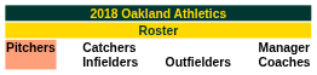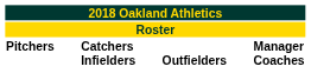 <table class="toccolours" style="font-size: 95%;">
 <tr>
 <th colspan="10" style="background:#003831; color:#ffd800; text-align:center;">2018 Oakland Athletics</th>
 </tr>
 <tr>
 <td colspan="10" style="background:#ffd800; color:#003831; text-align:center;"><strong>Roster</strong></td>
 </tr>
 <tr>
-<td valign="top" style="background: lightsalmon;"><strong>Pitchers</strong><br>                                </td>
+<td valign="top"><strong>Pitchers</strong><br>                                </td>
 <td style="width:25px;"></td>
 <td valign="top"><strong>Catchers</strong><br>    <strong>Infielders</strong>     </td>
 <td style="width:25px;"></td>
 <td valign="top"><br><strong>Outfielders</strong>           </td>
 <td style="width:25px;"></td>
 <td valign="top"><strong>Manager</strong><br> <strong>Coaches</strong>                    </td>
 </tr>
 </table>
